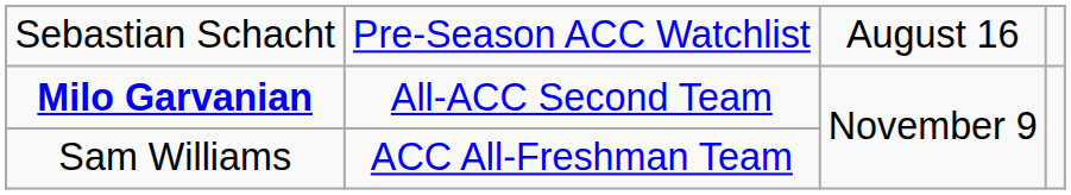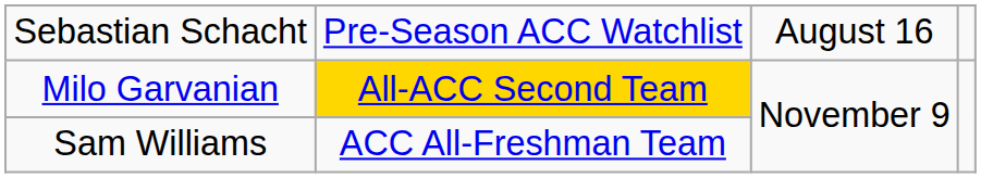 <table class="wikitable sortable" style="text-align: center">
 <tr>
 <td>Sebastian Schacht</td>
 <td><a href='#'>Pre-Season ACC Watchlist</a></td>
 <td>August 16</td>
 <td></td>
 </tr>
 <tr>
-<td><strong><a href='#'>Milo Garvanian</a></strong></td>
-<td><a href='#'>All-ACC Second Team</a></td>
+<td><a href='#'>Milo Garvanian</a></td>
+<td style="background: gold;"><a href='#'>All-ACC Second Team</a></td>
 <td rowspan=2>November 9</td>
 <td rowspan=2></td>
 </tr>
 <tr>
 <td>Sam Williams</td>
 <td><a href='#'>ACC All-Freshman Team</a></td>
 </tr>
 </table>
